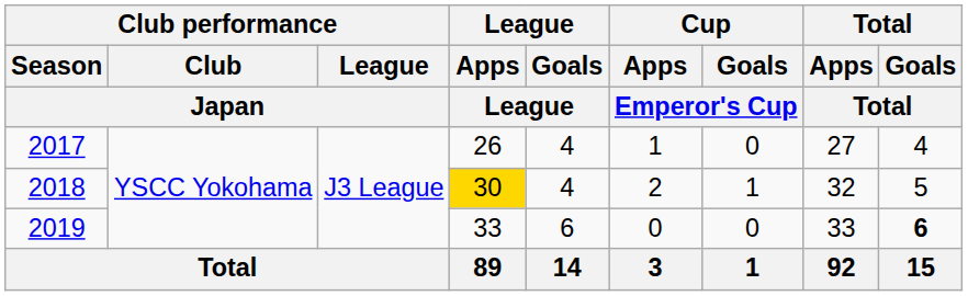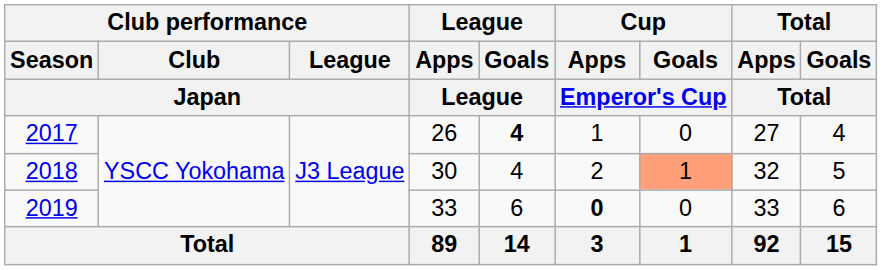 <table class="wikitable" style="text-align:center;">
 <tr>
 <th colspan=3>Club performance</th>
 <th colspan=2>League</th>
 <th colspan=2>Cup</th>
 <th colspan=2>Total</th>
 </tr>
 <tr>
 <th>Season</th>
 <th>Club</th>
 <th>League</th>
 <th>Apps</th>
 <th>Goals</th>
 <th>Apps</th>
 <th>Goals</th>
 <th>Apps</th>
 <th>Goals</th>
 </tr>
 <tr>
 <th colspan=3>Japan</th>
 <th colspan=2>League</th>
 <th colspan=2><a href='#'>Emperor's Cup</a></th>
 <th colspan=2>Total</th>
 </tr>
 <tr>
 <td><a href='#'>2017</a></td>
 <td rowspan="3"><a href='#'>YSCC Yokohama</a></td>
 <td rowspan="3"><a href='#'>J3 League</a></td>
 <td>26</td>
-<td>4</td>
+<td><strong>4</strong></td>
 <td>1</td>
 <td>0</td>
 <td>27</td>
 <td>4</td>
 </tr>
 <tr>
 <td><a href='#'>2018</a></td>
-<td style="background: gold;">30</td>
+<td>30</td>
 <td>4</td>
 <td>2</td>
-<td>1</td>
+<td style="background: lightsalmon;">1</td>
 <td>32</td>
 <td>5</td>
 </tr>
 <tr>
 <td><a href='#'>2019</a></td>
 <td>33</td>
 <td>6</td>
-<td>0</td>
+<td><strong>0</strong></td>
 <td>0</td>
 <td>33</td>
-<td><strong>6</strong></td>
+<td>6</td>
 </tr>
 <tr>
 <th colspan=3>Total</th>
 <th>89</th>
 <th>14</th>
 <th>3</th>
 <th>1</th>
 <th>92</th>
 <th>15</th>
 </tr>
 </table>
